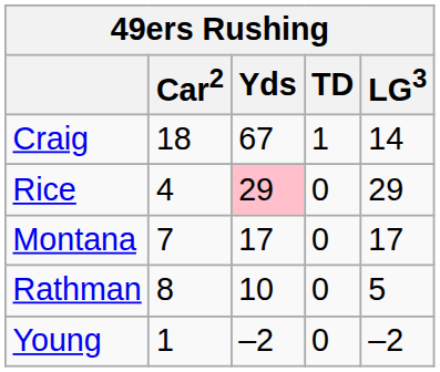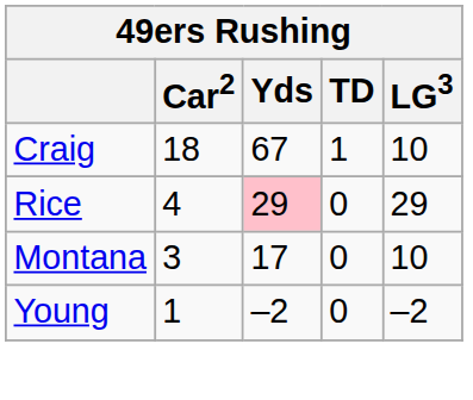 <table class="wikitable">
 <tr>
 <th colspan="5">49ers Rushing</th>
 </tr>
 <tr>
 <th></th>
 <th>Car<sup>2</sup></th>
 <th>Yds</th>
 <th>TD</th>
 <th>LG<sup>3</sup></th>
 </tr>
 <tr>
 <td><a href='#'>Craig</a></td>
 <td>18</td>
 <td>67</td>
 <td>1</td>
-<td>14</td>
+<td>10</td>
 </tr>
 <tr>
 <td><a href='#'>Rice</a></td>
 <td>4</td>
 <td style="background: pink;">29</td>
 <td>0</td>
 <td>29</td>
 </tr>
 <tr>
 <td><a href='#'>Montana</a></td>
-<td>7</td>
+<td>3</td>
 <td>17</td>
 <td>0</td>
-<td>17</td>
-</tr>
-<tr>
-<td><a href='#'>Rathman</a></td>
-<td>8</td>
 <td>10</td>
-<td>0</td>
-<td>5</td>
 </tr>
 <tr>
 <td><a href='#'>Young</a></td>
 <td>1</td>
 <td>–2</td>
 <td>0</td>
 <td>–2</td>
 </tr>
 </table>
